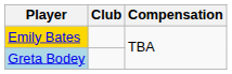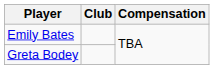 <table class="wikitable plainrowheaders">
 <tr>
 <th scope="col"><strong>Player</strong></th>
 <th scope="col"><strong>Club</strong></th>
 <th scope="col"><strong>Compensation</strong></th>
 </tr>
 <tr>
-<td style="background: gold;"><a href='#'>Emily Bates</a></td>
+<td><a href='#'>Emily Bates</a></td>
 <td></td>
 <td rowspan="2">TBA</td>
 </tr>
 <tr>
-<td style="background: lightblue;"><a href='#'>Greta Bodey</a></td>
+<td><a href='#'>Greta Bodey</a></td>
 <td></td>
 </tr>
 </table>
